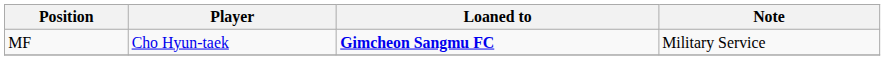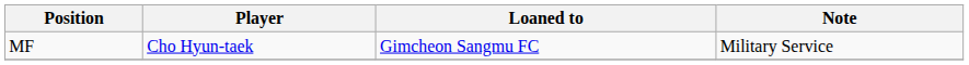 <table class="wikitable sortable" style="width:70%; text-align:center; font-size:100%; text-align:left;">
 <tr>
 <th>Position</th>
 <th>Player</th>
 <th>Loaned to</th>
 <th>Note</th>
 </tr>
 <tr>
 <td>MF</td>
 <td> <a href='#'>Cho Hyun-taek</a></td>
-<td><strong> <a href='#'>Gimcheon Sangmu FC</a></strong></td>
+<td> <a href='#'>Gimcheon Sangmu FC</a></td>
 <td>Military Service</td>
 </tr>
 <tr>
 </tr>
 </table>
